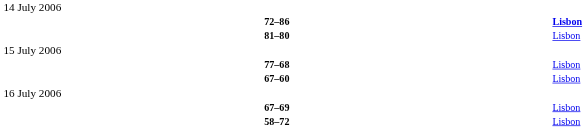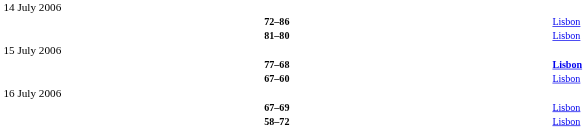 <table style="width:100%;" cellspacing="1">
 <tr>
 <th width=25%></th>
 <th width=3%></th>
 <th width=6%></th>
 <th width=3%></th>
 <th width=25%></th>
 </tr>
 <tr>
 <td>14 July 2006</td>
 </tr>
 <tr style=font-size:90%>
 <td align=right><strong></strong></td>
 <td></td>
 <td align=center><strong>72–86</strong></td>
 <td></td>
 <td><strong></strong></td>
-<td><strong><a href='#'>Lisbon</a></strong></td>
+<td><a href='#'>Lisbon</a></td>
 </tr>
 <tr style=font-size:90%>
 <td align=right><strong></strong></td>
 <td></td>
 <td align=center><strong>81–80</strong></td>
 <td></td>
 <td><strong></strong></td>
 <td><a href='#'>Lisbon</a></td>
 </tr>
 <tr>
 <td>15 July 2006</td>
 </tr>
 <tr style=font-size:90%>
 <td align=right><strong></strong></td>
 <td></td>
 <td align=center><strong>77–68</strong></td>
 <td></td>
 <td><strong></strong></td>
-<td><a href='#'>Lisbon</a></td>
+<td><strong><a href='#'>Lisbon</a></strong></td>
 </tr>
 <tr style=font-size:90%>
 <td align=right><strong></strong></td>
 <td></td>
 <td align=center><strong>67–60</strong></td>
 <td></td>
 <td><strong></strong></td>
 <td><a href='#'>Lisbon</a></td>
 </tr>
 <tr>
 <td>16 July 2006</td>
 </tr>
 <tr style=font-size:90%>
 <td align=right><strong></strong></td>
 <td></td>
 <td align=center><strong>67–69</strong></td>
 <td></td>
 <td><strong></strong></td>
 <td><a href='#'>Lisbon</a></td>
 </tr>
 <tr style=font-size:90%>
 <td align=right><strong></strong></td>
 <td></td>
 <td align=center><strong>58–72</strong></td>
 <td></td>
 <td><strong></strong></td>
 <td><a href='#'>Lisbon</a></td>
 </tr>
 </table>
